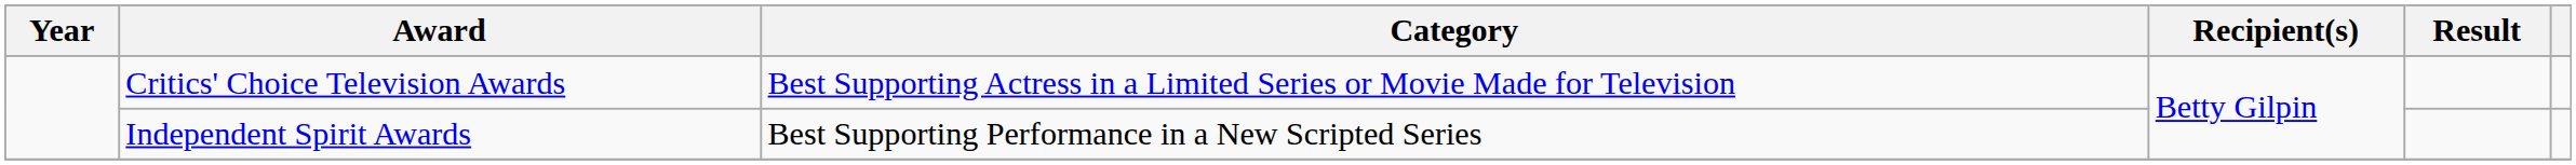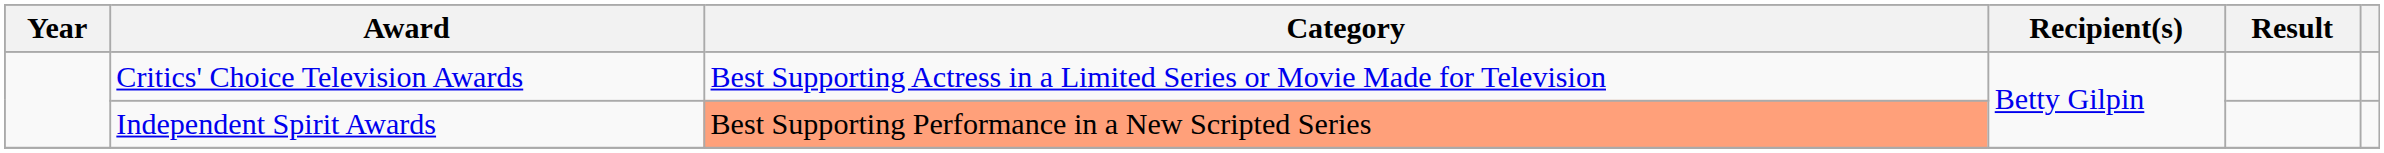 <table class="wikitable sortable plainrowheaders" style="width: 100%;">
 <tr>
 <th scope="col">Year</th>
 <th scope="col">Award</th>
 <th scope="col">Category</th>
 <th scope="col">Recipient(s)</th>
 <th scope="col">Result</th>
 <th scope="col" class="unsortable"></th>
 </tr>
 <tr>
 <td rowspan="2"></td>
 <td><a href='#'>Critics' Choice Television Awards</a></td>
 <td><a href='#'>Best Supporting Actress in a Limited Series or Movie Made for Television</a></td>
 <td rowspan="2"><a href='#'>Betty Gilpin</a></td>
 <td></td>
 <td align="center" rowspan="1"></td>
 </tr>
 <tr>
 <td><a href='#'>Independent Spirit Awards</a></td>
-<td>Best Supporting Performance in a New Scripted Series</td>
+<td style="background: lightsalmon;">Best Supporting Performance in a New Scripted Series</td>
 <td></td>
 <td align="center" rowspan="1"></td>
 </tr>
 <tr>
 </tr>
 </table>
